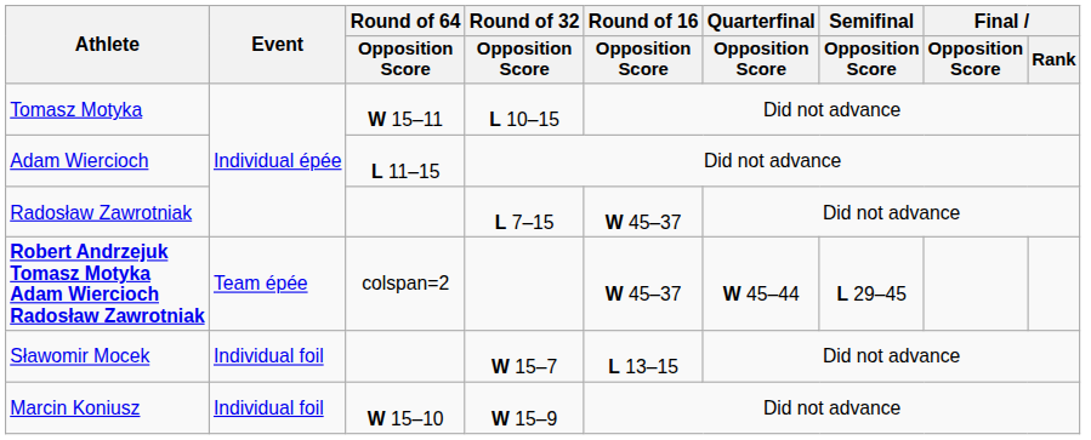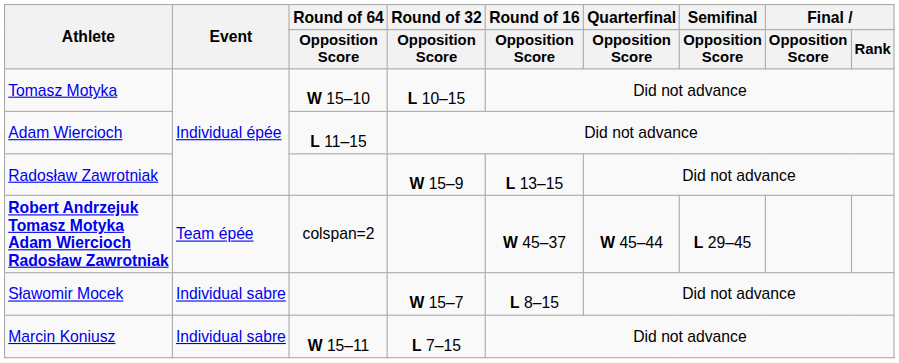 <table class="wikitable" style="font-size:90%">
 <tr>
 <th rowspan="2">Athlete</th>
 <th rowspan="2">Event</th>
 <th>Round of 64</th>
 <th>Round of 32</th>
 <th>Round of 16</th>
 <th>Quarterfinal</th>
 <th>Semifinal</th>
 <th colspan=2>Final / </th>
 </tr>
 <tr style="font-size:95%">
 <th>Opposition <br> Score</th>
 <th>Opposition <br> Score</th>
 <th>Opposition <br> Score</th>
 <th>Opposition <br> Score</th>
 <th>Opposition <br> Score</th>
 <th>Opposition <br> Score</th>
 <th>Rank</th>
 </tr>
 <tr align=center>
 <td align=left><a href='#'>Tomasz Motyka</a></td>
 <td align=left rowspan=3><a href='#'>Individual épée</a></td>
-<td><br><strong>W</strong> 15–11</td>
+<td><br><strong>W</strong> 15–10</td>
 <td><br><strong>L</strong> 10–15</td>
 <td colspan=5>Did not advance</td>
 </tr>
 <tr align=center>
 <td align=left><a href='#'>Adam Wiercioch</a></td>
 <td><br><strong>L</strong> 11–15</td>
 <td colspan=6>Did not advance</td>
 </tr>
 <tr align=center>
 <td align=left><a href='#'>Radosław Zawrotniak</a></td>
 <td></td>
-<td><br><strong>L</strong> 7–15</td>
-<td><br><strong>W</strong> 45–37</td>
+<td><br><strong>W</strong> 15–9</td>
+<td><br><strong>L</strong> 13–15</td>
 <td colspan=4>Did not advance</td>
 </tr>
 <tr align=center>
 <td align=left><strong><a href='#'>Robert Andrzejuk</a><br><a href='#'>Tomasz Motyka</a><br><a href='#'>Adam Wiercioch</a><br><a href='#'>Radosław Zawrotniak</a></strong></td>
 <td align=left><a href='#'>Team épée</a></td>
 <td>colspan=2 </td>
 <td></td>
 <td><br><strong>W</strong> 45–37</td>
 <td><br><strong>W</strong> 45–44</td>
 <td><br><strong>L</strong> 29–45</td>
 <td></td>
 </tr>
 <tr align=center>
 <td align=left><a href='#'>Sławomir Mocek</a></td>
-<td align=left><a href='#'>Individual foil</a></td>
+<td align=left><a href='#'>Individual sabre</a></td>
 <td></td>
 <td><br><strong>W</strong> 15–7</td>
-<td><br><strong>L</strong> 13–15</td>
+<td><br><strong>L</strong> 8–15</td>
 <td colspan=4>Did not advance</td>
 </tr>
 <tr align=center>
 <td align=left><a href='#'>Marcin Koniusz</a></td>
-<td align=left><a href='#'>Individual foil</a></td>
-<td><br><strong>W</strong> 15–10</td>
-<td><br><strong>W</strong> 15–9</td>
+<td align=left><a href='#'>Individual sabre</a></td>
+<td><br><strong>W</strong> 15–11</td>
+<td><br><strong>L</strong> 7–15</td>
 <td colspan=5>Did not advance</td>
 </tr>
 </table>
